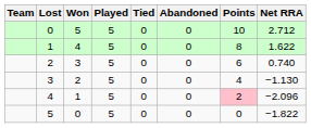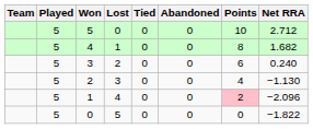 <table class="wikitable" style="text-align:center">
 <tr>
 <th>Team</th>
+<th>Played</th>
+<th>Won</th>
 <th>Lost</th>
-<th>Won</th>
-<th>Played</th>
 <th>Tied</th>
 <th>Abandoned</th>
 <th>Points</th>
 <th>Net RRA</th>
 </tr>
 <tr style="background:#cfc;">
 <td></td>
-<td>0</td>
 <td>5</td>
 <td>5</td>
+<td>0</td>
 <td>0</td>
 <td>0</td>
 <td>10</td>
 <td>2.712</td>
 </tr>
 <tr style="background:#cfc;">
 <td></td>
+<td>5</td>
+<td>4</td>
 <td>1</td>
-<td>4</td>
-<td>5</td>
 <td>0</td>
 <td>0</td>
 <td>8</td>
-<td>1.622</td>
+<td>1.682</td>
 </tr>
 <tr>
 <td></td>
+<td>5</td>
+<td>3</td>
 <td>2</td>
-<td>3</td>
-<td>5</td>
 <td>0</td>
 <td>0</td>
 <td>6</td>
-<td>0.740</td>
+<td>0.240</td>
 </tr>
 <tr>
 <td></td>
+<td>5</td>
+<td>2</td>
 <td>3</td>
-<td>2</td>
-<td>5</td>
 <td>0</td>
 <td>0</td>
 <td>4</td>
 <td>−1.130</td>
 </tr>
 <tr>
 <td></td>
+<td>5</td>
+<td>1</td>
 <td>4</td>
-<td>1</td>
-<td>5</td>
 <td>0</td>
 <td>0</td>
 <td style="background: pink;">2</td>
 <td>−2.096</td>
 </tr>
 <tr>
 <td></td>
 <td>5</td>
 <td>0</td>
 <td>5</td>
 <td>0</td>
 <td>0</td>
 <td>0</td>
 <td>−1.822</td>
 </tr>
 </table>
